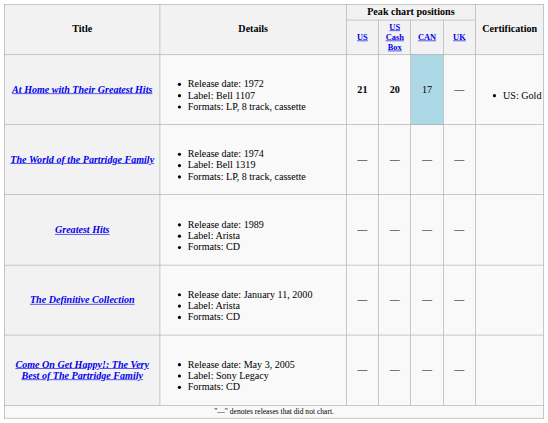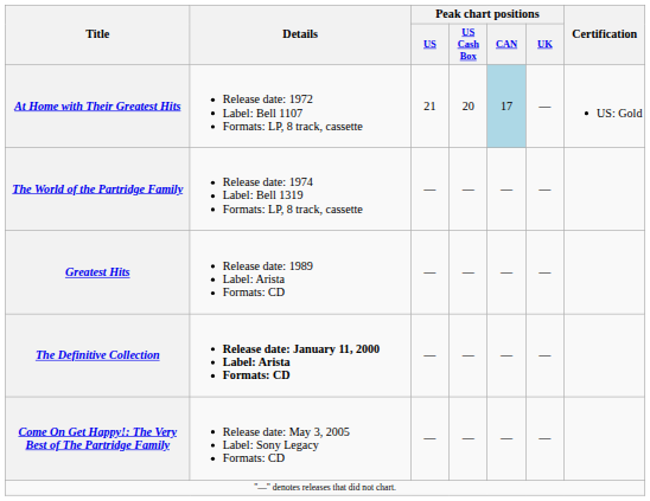 <table class="wikitable plainrowheaders" style="text-align:center;">
 <tr>
 <th style="width:15em;" rowspan="2">Title</th>
 <th style="width:18em;" rowspan="2">Details</th>
 <th colspan="4">Peak chart positions</th>
 <th rowspan="2">Certification</th>
 </tr>
 <tr style="font-size:smaller;">
 <th width="45"><a href='#'>US</a><br></th>
 <th width="45"><a href='#'>US Cash Box</a><br></th>
 <th width="45"><a href='#'>CAN</a><br></th>
 <th width="45"><a href='#'>UK</a><br></th>
 </tr>
 <tr>
 <th scope="row"><em><a href='#'>At Home with Their Greatest Hits</a></em></th>
 <td align="left"><br><ul><li>Release date: 1972</li><li>Label: Bell 1107</li><li>Formats: LP, 8 track, cassette</li></ul></td>
-<td><strong>21</strong></td>
-<td><strong>20</strong></td>
+<td>21</td>
+<td>20</td>
 <td style="background: lightblue;">17</td>
 <td>—</td>
 <td><br><ul><li>US: Gold</li></ul></td>
 </tr>
 <tr>
 <th scope="row"><em><a href='#'>The World of the Partridge Family</a></em></th>
 <td align="left"><br><ul><li>Release date: 1974</li><li>Label: Bell 1319</li><li>Formats: LP, 8 track, cassette</li></ul></td>
 <td>—</td>
 <td>—</td>
 <td>—</td>
 <td>—</td>
 <td></td>
 </tr>
 <tr>
 <th scope="row"><em><a href='#'>Greatest Hits</a></em></th>
 <td align="left"><br><ul><li>Release date: 1989</li><li>Label: Arista</li><li>Formats: CD</li></ul></td>
 <td>—</td>
 <td>—</td>
 <td>—</td>
 <td>—</td>
 <td></td>
 </tr>
 <tr>
 <th scope="row"><em><a href='#'>The Definitive Collection</a></em></th>
-<td align="left"><br><ul><li>Release date:  January 11, 2000</li><li>Label: Arista</li><li>Formats: CD</li></ul></td>
+<td align="left"><strong><br><ul><li>Release date:  January 11, 2000</li><li>Label: Arista</li><li>Formats: CD</li></ul></strong></td>
 <td>—</td>
 <td>—</td>
 <td>—</td>
 <td>—</td>
 <td></td>
 </tr>
 <tr>
 <th scope="row"><em><a href='#'>Come On Get Happy!: The Very Best of The Partridge Family</a></em></th>
 <td align="left"><br><ul><li>Release date: May 3, 2005</li><li>Label: Sony Legacy</li><li>Formats: CD</li></ul></td>
 <td>—</td>
 <td>—</td>
 <td>—</td>
 <td>—</td>
 <td></td>
 </tr>
 <tr>
 <td colspan="10" style="font-size:9pt">"—" denotes releases that did not chart.</td>
 </tr>
 </table>
